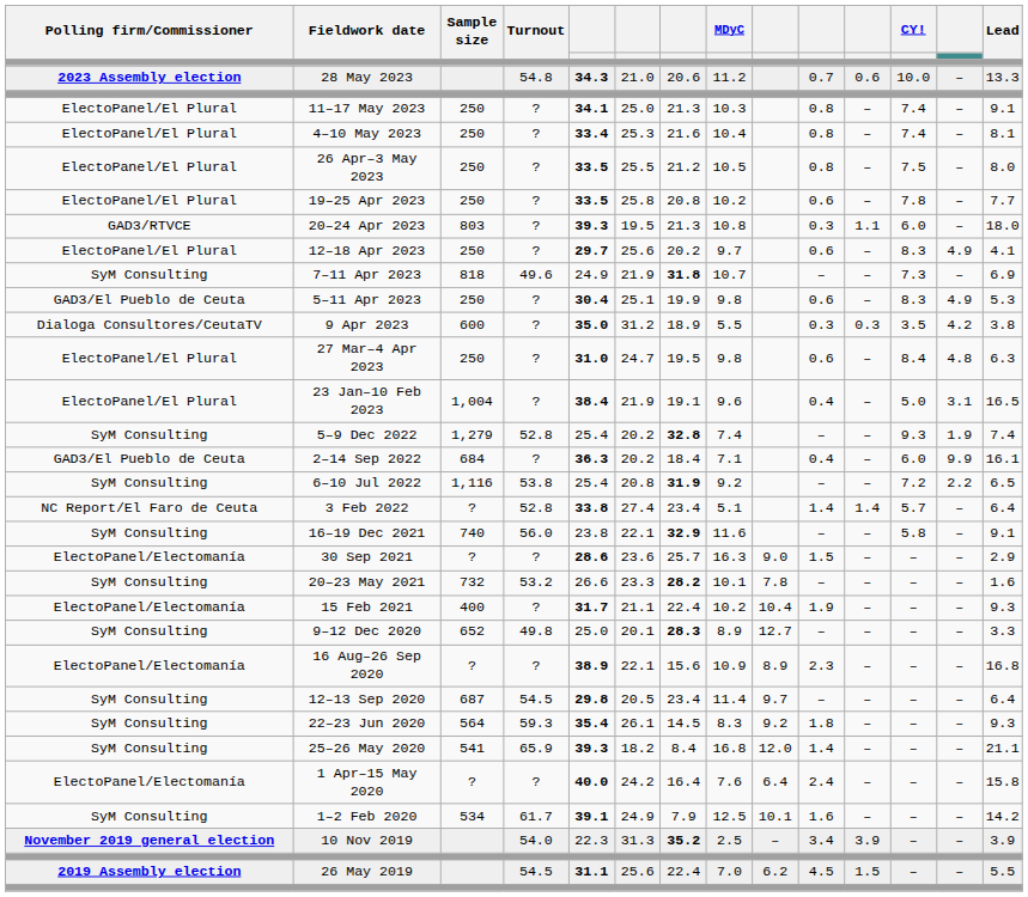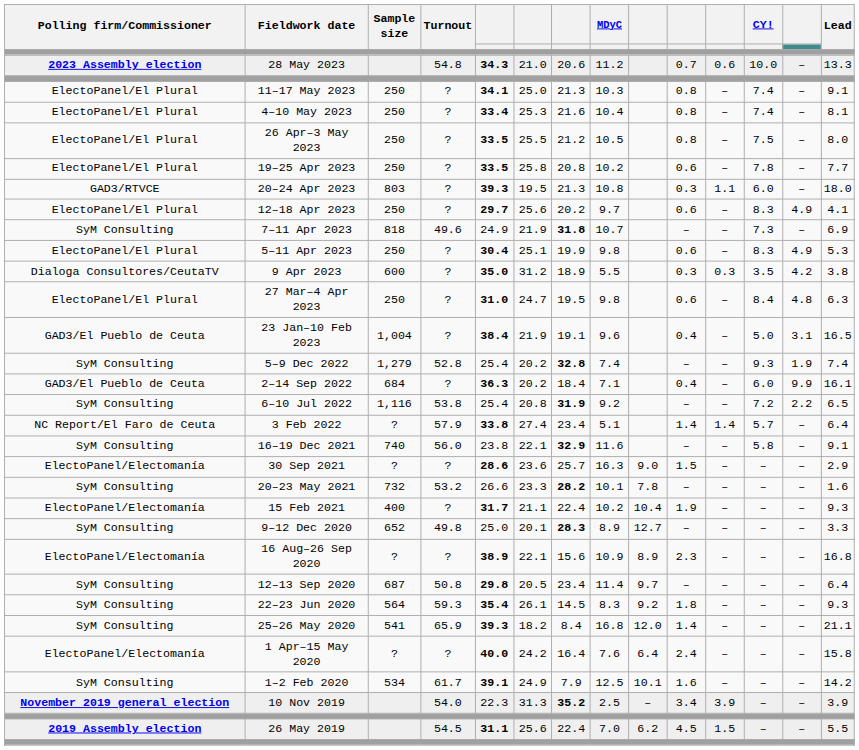 <table class="wikitable collapsible collapsed" style="text-align:center; font-size:95%; line-height:16px;">
 <tr style="height:42px;">
 <th style="width:250px;" rowspan="2">Polling firm/Commissioner</th>
 <th style="width:125px;" rowspan="2">Fieldwork date</th>
 <th style="width:50px;" rowspan="2">Sample size</th>
 <th style="width:45px;" rowspan="2">Turnout</th>
 <th style="width:35px;"></th>
 <th style="width:35px;"></th>
 <th style="width:35px;"></th>
 <th style="width:35px; font-size:90%;"><a href='#'>MDyC</a></th>
 <th style="width:35px;"></th>
 <th style="width:35px;"></th>
 <th style="width:35px;"></th>
 <th style="width:35px;"><a href='#'>CY!</a></th>
 <th style="width:35px;"></th>
 <th style="width:30px;" rowspan="2">Lead</th>
 </tr>
 <tr>
 <th style="color:inherit;background:"></th>
 <th style="color:inherit;background:"></th>
 <th style="color:inherit;background:"></th>
 <th style="color:inherit;background:"></th>
 <th style="color:inherit;background:"></th>
 <th style="color:inherit;background:"></th>
 <th style="color:inherit;background:"></th>
 <th style="color:inherit;background:"></th>
 <th style="color:inherit;background:#3E8C8D;"></th>
 </tr>
 <tr>
 <td colspan="14" style="background:#A0A0A0"></td>
 </tr>
 <tr style="background:#EFEFEF;">
 <td><strong><a href='#'>2023 Assembly election</a></strong></td>
 <td>28 May 2023</td>
 <td></td>
 <td>54.8</td>
 <td><strong>34.3</strong><br></td>
 <td>21.0<br></td>
 <td>20.6<br></td>
 <td>11.2<br></td>
 <td></td>
 <td>0.7<br></td>
 <td>0.6<br></td>
 <td>10.0<br></td>
 <td>–</td>
 <td style="background:">13.3</td>
 </tr>
 <tr>
 <td colspan="14" style="background:#A0A0A0"></td>
 </tr>
 <tr>
 <td>ElectoPanel/El Plural</td>
 <td>11–17 May 2023</td>
 <td>250</td>
 <td>?</td>
 <td><strong>34.1</strong><br></td>
 <td>25.0<br></td>
 <td>21.3<br></td>
 <td>10.3<br></td>
 <td></td>
 <td>0.8<br></td>
 <td>–</td>
 <td>7.4<br></td>
 <td>–</td>
 <td style="background:">9.1</td>
 </tr>
 <tr>
 <td>ElectoPanel/El Plural</td>
 <td>4–10 May 2023</td>
 <td>250</td>
 <td>?</td>
 <td><strong>33.4</strong><br></td>
 <td>25.3<br></td>
 <td>21.6<br></td>
 <td>10.4<br></td>
 <td></td>
 <td>0.8<br></td>
 <td>–</td>
 <td>7.4<br></td>
 <td>–</td>
 <td style="background:">8.1</td>
 </tr>
 <tr>
 <td>ElectoPanel/El Plural</td>
 <td>26 Apr–3 May 2023</td>
 <td>250</td>
 <td>?</td>
 <td><strong>33.5</strong><br></td>
 <td>25.5<br></td>
 <td>21.2<br></td>
 <td>10.5<br></td>
 <td></td>
 <td>0.8<br></td>
 <td>–</td>
 <td>7.5<br></td>
 <td>–</td>
 <td style="background:">8.0</td>
 </tr>
 <tr>
 <td>ElectoPanel/El Plural</td>
 <td>19–25 Apr 2023</td>
 <td>250</td>
 <td>?</td>
 <td><strong>33.5</strong><br></td>
 <td>25.8<br></td>
 <td>20.8<br></td>
 <td>10.2<br></td>
 <td></td>
 <td>0.6<br></td>
 <td>–</td>
 <td>7.8<br></td>
 <td>–</td>
 <td style="background:">7.7</td>
 </tr>
 <tr>
 <td>GAD3/RTVCE</td>
 <td>20–24 Apr 2023</td>
 <td>803</td>
 <td>?</td>
 <td><strong>39.3</strong><br></td>
 <td>19.5<br></td>
 <td>21.3<br></td>
 <td>10.8<br></td>
 <td></td>
 <td>0.3<br></td>
 <td>1.1<br></td>
 <td>6.0<br></td>
 <td>–</td>
 <td style="background:">18.0</td>
 </tr>
 <tr>
 <td>ElectoPanel/El Plural</td>
 <td>12–18 Apr 2023</td>
 <td>250</td>
 <td>?</td>
 <td><strong>29.7</strong><br></td>
 <td>25.6<br></td>
 <td>20.2<br></td>
 <td>9.7<br></td>
 <td></td>
 <td>0.6<br></td>
 <td>–</td>
 <td>8.3<br></td>
 <td>4.9<br></td>
 <td style="background:">4.1</td>
 </tr>
 <tr>
 <td>SyM Consulting</td>
 <td>7–11 Apr 2023</td>
 <td>818</td>
 <td>49.6</td>
 <td>24.9<br></td>
 <td>21.9<br></td>
 <td><strong>31.8</strong><br></td>
 <td>10.7<br></td>
 <td></td>
 <td>–</td>
 <td>–</td>
 <td>7.3<br></td>
 <td>–</td>
 <td style="background:">6.9</td>
 </tr>
 <tr>
-<td>GAD3/El Pueblo de Ceuta</td>
+<td>ElectoPanel/El Plural</td>
 <td>5–11 Apr 2023</td>
 <td>250</td>
 <td>?</td>
 <td><strong>30.4</strong><br></td>
 <td>25.1<br></td>
 <td>19.9<br></td>
 <td>9.8<br></td>
 <td></td>
 <td>0.6<br></td>
 <td>–</td>
 <td>8.3<br></td>
 <td>4.9<br></td>
 <td style="background:">5.3</td>
 </tr>
 <tr>
 <td>Dialoga Consultores/CeutaTV</td>
 <td>9 Apr 2023</td>
 <td>600</td>
 <td>?</td>
 <td><strong>35.0</strong><br></td>
 <td>31.2<br></td>
 <td>18.9<br></td>
 <td>5.5<br></td>
 <td></td>
 <td>0.3<br></td>
 <td>0.3<br></td>
 <td>3.5<br></td>
 <td>4.2<br></td>
 <td style="background:">3.8</td>
 </tr>
 <tr>
 <td>ElectoPanel/El Plural</td>
 <td>27 Mar–4 Apr 2023</td>
 <td>250</td>
 <td>?</td>
 <td><strong>31.0</strong><br></td>
 <td>24.7<br></td>
 <td>19.5<br></td>
 <td>9.8<br></td>
 <td></td>
 <td>0.6<br></td>
 <td>–</td>
 <td>8.4<br></td>
 <td>4.8<br></td>
 <td style="background:">6.3</td>
 </tr>
 <tr>
-<td>ElectoPanel/El Plural</td>
+<td>GAD3/El Pueblo de Ceuta</td>
 <td>23 Jan–10 Feb 2023</td>
 <td>1,004</td>
 <td>?</td>
 <td><strong>38.4</strong><br></td>
 <td>21.9<br></td>
 <td>19.1<br></td>
 <td>9.6<br></td>
 <td></td>
 <td>0.4<br></td>
 <td>–</td>
 <td>5.0<br></td>
 <td>3.1<br></td>
 <td style="background:">16.5</td>
 </tr>
 <tr>
 <td>SyM Consulting</td>
 <td>5–9 Dec 2022</td>
 <td>1,279</td>
 <td>52.8</td>
 <td>25.4<br></td>
 <td>20.2<br></td>
 <td><strong>32.8</strong><br></td>
 <td>7.4<br></td>
 <td></td>
 <td>–</td>
 <td>–</td>
 <td>9.3<br></td>
 <td>1.9<br></td>
 <td style="background:">7.4</td>
 </tr>
 <tr>
 <td>GAD3/El Pueblo de Ceuta</td>
 <td>2–14 Sep 2022</td>
 <td>684</td>
 <td>?</td>
 <td><strong>36.3</strong><br></td>
 <td>20.2<br></td>
 <td>18.4<br></td>
 <td>7.1<br></td>
 <td></td>
 <td>0.4<br></td>
 <td>–</td>
 <td>6.0<br></td>
 <td>9.9<br></td>
 <td style="background:">16.1</td>
 </tr>
 <tr>
 <td>SyM Consulting</td>
 <td>6–10 Jul 2022</td>
 <td>1,116</td>
 <td>53.8</td>
 <td>25.4<br></td>
 <td>20.8<br></td>
 <td><strong>31.9</strong><br></td>
 <td>9.2<br></td>
 <td></td>
 <td>–</td>
 <td>–</td>
 <td>7.2<br></td>
 <td>2.2<br></td>
 <td style="background:">6.5</td>
 </tr>
 <tr>
 <td>NC Report/El Faro de Ceuta</td>
 <td>3 Feb 2022</td>
 <td>?</td>
-<td>52.8</td>
+<td>57.9</td>
 <td><strong>33.8</strong><br></td>
 <td>27.4<br></td>
 <td>23.4<br></td>
 <td>5.1<br></td>
 <td></td>
 <td>1.4<br></td>
 <td>1.4<br></td>
 <td>5.7<br></td>
 <td>–</td>
 <td style="background:">6.4</td>
 </tr>
 <tr>
 <td>SyM Consulting</td>
 <td>16–19 Dec 2021</td>
 <td>740</td>
 <td>56.0</td>
 <td>23.8<br></td>
 <td>22.1<br></td>
 <td><strong>32.9</strong><br></td>
 <td>11.6<br></td>
 <td></td>
 <td>–</td>
 <td>–</td>
 <td>5.8<br></td>
 <td>–</td>
 <td style="background:">9.1</td>
 </tr>
 <tr>
 <td>ElectoPanel/Electomanía</td>
 <td>30 Sep 2021</td>
 <td>?</td>
 <td>?</td>
 <td><strong>28.6</strong><br></td>
 <td>23.6<br></td>
 <td>25.7<br></td>
 <td>16.3<br></td>
 <td>9.0<br></td>
 <td>1.5<br></td>
 <td>–</td>
 <td>–</td>
 <td>–</td>
 <td style="background:">2.9</td>
 </tr>
 <tr>
 <td>SyM Consulting</td>
 <td>20–23 May 2021</td>
 <td>732</td>
 <td>53.2</td>
 <td>26.6<br></td>
 <td>23.3<br></td>
 <td><strong>28.2</strong><br></td>
 <td>10.1<br></td>
 <td>7.8<br></td>
 <td>–</td>
 <td>–</td>
 <td>–</td>
 <td>–</td>
 <td style="background:">1.6</td>
 </tr>
 <tr>
 <td>ElectoPanel/Electomanía</td>
 <td>15 Feb 2021</td>
 <td>400</td>
 <td>?</td>
 <td><strong>31.7</strong><br></td>
 <td>21.1<br></td>
 <td>22.4<br></td>
 <td>10.2<br></td>
 <td>10.4<br></td>
 <td>1.9<br></td>
 <td>–</td>
 <td>–</td>
 <td>–</td>
 <td style="background:">9.3</td>
 </tr>
 <tr>
 <td>SyM Consulting</td>
 <td>9–12 Dec 2020</td>
 <td>652</td>
 <td>49.8</td>
 <td>25.0<br></td>
 <td>20.1<br></td>
 <td><strong>28.3</strong><br></td>
 <td>8.9<br></td>
 <td>12.7<br></td>
 <td>–</td>
 <td>–</td>
 <td>–</td>
 <td>–</td>
 <td style="background:">3.3</td>
 </tr>
 <tr>
 <td>ElectoPanel/Electomanía</td>
 <td>16 Aug–26 Sep 2020</td>
 <td>?</td>
 <td>?</td>
 <td><strong>38.9</strong><br></td>
 <td>22.1<br></td>
 <td>15.6<br></td>
 <td>10.9<br></td>
 <td>8.9<br></td>
 <td>2.3<br></td>
 <td>–</td>
 <td>–</td>
 <td>–</td>
 <td style="background:">16.8</td>
 </tr>
 <tr>
 <td>SyM Consulting</td>
 <td>12–13 Sep 2020</td>
 <td>687</td>
-<td>54.5</td>
+<td>50.8</td>
 <td><strong>29.8</strong><br></td>
 <td>20.5<br></td>
 <td>23.4<br></td>
 <td>11.4<br></td>
 <td>9.7<br></td>
 <td>–</td>
 <td>–</td>
 <td>–</td>
 <td>–</td>
 <td style="background:">6.4</td>
 </tr>
 <tr>
 <td>SyM Consulting</td>
 <td>22–23 Jun 2020</td>
 <td>564</td>
 <td>59.3</td>
 <td><strong>35.4</strong><br></td>
 <td>26.1<br></td>
 <td>14.5<br></td>
 <td>8.3<br></td>
 <td>9.2<br></td>
 <td>1.8<br></td>
 <td>–</td>
 <td>–</td>
 <td>–</td>
 <td style="background:">9.3</td>
 </tr>
 <tr>
 <td>SyM Consulting</td>
 <td>25–26 May 2020</td>
 <td>541</td>
 <td>65.9</td>
 <td><strong>39.3</strong><br></td>
 <td>18.2<br></td>
 <td>8.4<br></td>
 <td>16.8<br></td>
 <td>12.0<br></td>
 <td>1.4<br></td>
 <td>–</td>
 <td>–</td>
 <td>–</td>
 <td style="background:">21.1</td>
 </tr>
 <tr>
 <td>ElectoPanel/Electomanía</td>
 <td>1 Apr–15 May 2020</td>
 <td>?</td>
 <td>?</td>
 <td><strong>40.0</strong><br></td>
 <td>24.2<br></td>
 <td>16.4<br></td>
 <td>7.6<br></td>
 <td>6.4<br></td>
 <td>2.4<br></td>
 <td>–</td>
 <td>–</td>
 <td>–</td>
 <td style="background:">15.8</td>
 </tr>
 <tr>
 <td>SyM Consulting</td>
 <td>1–2 Feb 2020</td>
 <td>534</td>
 <td>61.7</td>
 <td><strong>39.1</strong><br></td>
 <td>24.9<br></td>
 <td>7.9<br></td>
 <td>12.5<br></td>
 <td>10.1<br></td>
 <td>1.6<br></td>
 <td>–</td>
 <td>–</td>
 <td>–</td>
 <td style="background:">14.2</td>
 </tr>
 <tr style="background:#EFEFEF;">
 <td><strong><a href='#'>November 2019 general election</a></strong></td>
 <td>10 Nov 2019</td>
 <td></td>
 <td>54.0</td>
 <td>22.3<br></td>
 <td>31.3<br></td>
 <td><strong>35.2</strong><br></td>
 <td>2.5<br></td>
 <td>–</td>
 <td>3.4<br></td>
 <td>3.9<br></td>
 <td>–</td>
 <td>–</td>
 <td style="background:">3.9</td>
 </tr>
 <tr>
 <td colspan="14" style="background:#A0A0A0"></td>
 </tr>
 <tr style="background:#EFEFEF;">
 <td><strong><a href='#'>2019 Assembly election</a></strong></td>
 <td>26 May 2019</td>
 <td></td>
 <td>54.5</td>
 <td><strong>31.1</strong><br></td>
 <td>25.6<br></td>
 <td>22.4<br></td>
 <td>7.0<br></td>
 <td>6.2<br></td>
 <td>4.5<br></td>
 <td>1.5<br></td>
 <td>–</td>
 <td>–</td>
 <td style="background:">5.5</td>
 </tr>
 <tr>
 <td colspan="14" style="background:#A0A0A0"></td>
 </tr>
 </table>
